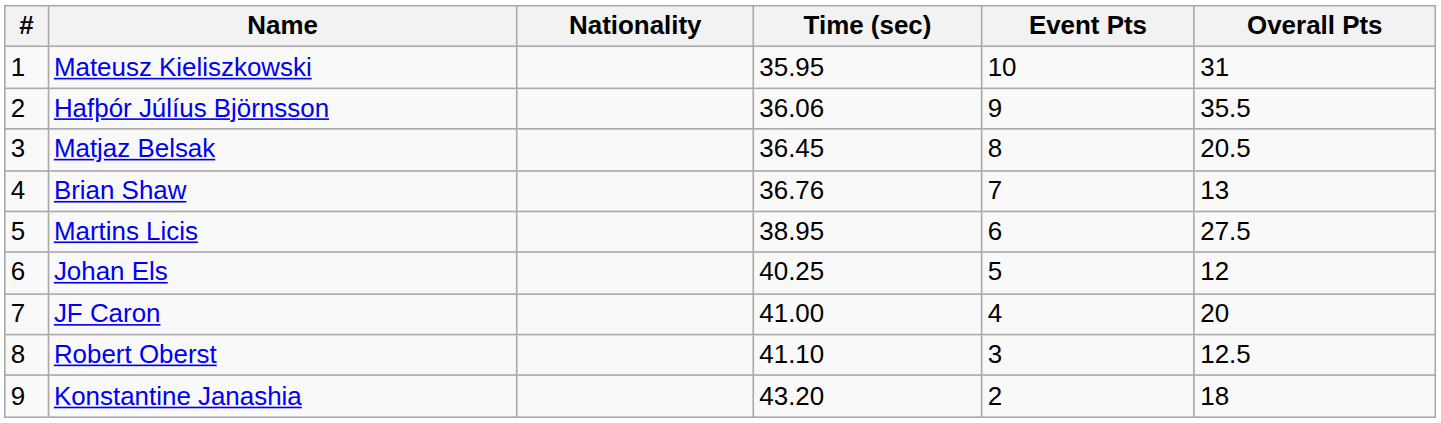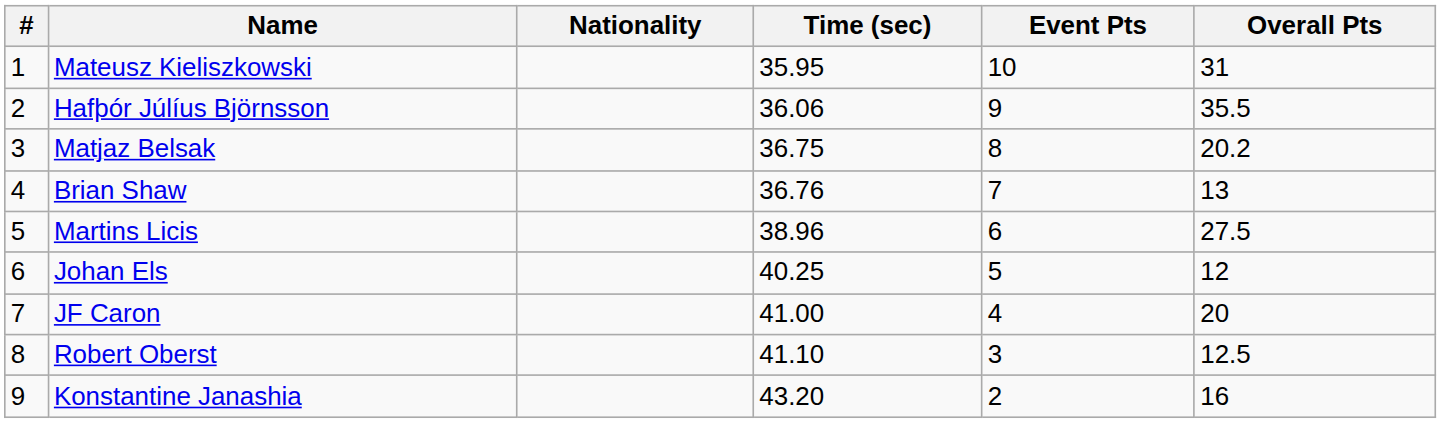 <table class="wikitable sortable" style="display: inline-table;width: 100%;">
 <tr>
 <th>#</th>
 <th>Name</th>
 <th>Nationality</th>
 <th>Time (sec)</th>
 <th>Event Pts</th>
 <th>Overall Pts</th>
 </tr>
 <tr>
 <td>1</td>
 <td><a href='#'>Mateusz Kieliszkowski</a></td>
 <td></td>
 <td>35.95</td>
 <td>10</td>
 <td>31</td>
 </tr>
 <tr>
 <td>2</td>
 <td><a href='#'>Hafþór Júlíus Björnsson</a></td>
 <td></td>
 <td>36.06</td>
 <td>9</td>
 <td>35.5</td>
 </tr>
 <tr>
 <td>3</td>
 <td><a href='#'>Matjaz Belsak</a></td>
 <td></td>
-<td>36.45</td>
+<td>36.75</td>
 <td>8</td>
-<td>20.5</td>
+<td>20.2</td>
 </tr>
 <tr>
 <td>4</td>
 <td><a href='#'>Brian Shaw</a></td>
 <td></td>
 <td>36.76</td>
 <td>7</td>
 <td>13</td>
 </tr>
 <tr>
 <td>5</td>
 <td><a href='#'>Martins Licis</a></td>
 <td></td>
-<td>38.95</td>
+<td>38.96</td>
 <td>6</td>
 <td>27.5</td>
 </tr>
 <tr>
 <td>6</td>
 <td><a href='#'>Johan Els</a></td>
 <td></td>
 <td>40.25</td>
 <td>5</td>
 <td>12</td>
 </tr>
 <tr>
 <td>7</td>
 <td><a href='#'>JF Caron</a></td>
 <td></td>
 <td>41.00</td>
 <td>4</td>
 <td>20</td>
 </tr>
 <tr>
 <td>8</td>
 <td><a href='#'>Robert Oberst</a></td>
 <td></td>
 <td>41.10</td>
 <td>3</td>
 <td>12.5</td>
 </tr>
 <tr>
 <td>9</td>
 <td><a href='#'>Konstantine Janashia</a></td>
 <td></td>
 <td>43.20</td>
 <td>2</td>
-<td>18</td>
+<td>16</td>
 </tr>
 </table>
